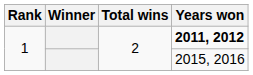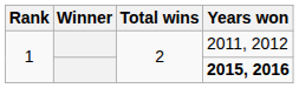 <table class="wikitable plainrowheaders">
 <tr>
 <th scope="col">Rank</th>
 <th scope="col">Winner</th>
 <th scope="col">Total wins</th>
 <th scope="col">Years won</th>
 </tr>
 <tr>
 <td rowspan="2" style="text-align:center;">1</td>
 <th scope="row"></th>
 <td rowspan="2" style="text-align:center;">2</td>
-<td><strong>2011, 2012</strong></td>
+<td>2011, 2012</td>
 </tr>
 <tr>
 <th scope="row"></th>
-<td>2015, 2016</td>
+<td><strong>2015, 2016</strong></td>
 </tr>
 </table>
